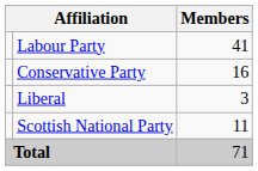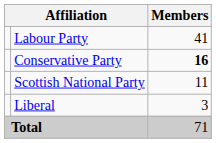 <table class="wikitable">
 <tr>
 <th colspan="2">Affiliation</th>
 <th>Members</th>
 </tr>
 <tr>
 <td style="color:inherit;background:"></td>
 <td><a href='#'>Labour Party</a></td>
 <td align="right">41</td>
 </tr>
 <tr>
 <td style="color:inherit;background:"></td>
 <td><a href='#'>Conservative Party</a></td>
-<td align="right">16</td>
+<td align="right"><strong>16</strong></td>
+</tr>
+<tr>
+<td style="color:inherit;background:"></td>
+<td><a href='#'>Scottish National Party</a></td>
+<td align="right">11</td>
 </tr>
 <tr>
 <td style="color:inherit;background:"></td>
 <td><a href='#'>Liberal</a></td>
 <td align="right">3</td>
 </tr>
-<tr>
-<td style="color:inherit;background:"></td>
-<td><a href='#'>Scottish National Party</a></td>
-<td align="right">11</td>
-</tr>
 <tr bgcolor="CCCCCC">
 <td colspan="2" rowspan="1"> <strong>Total</strong></td>
 <td align="right">71</td>
 </tr>
 </table>
